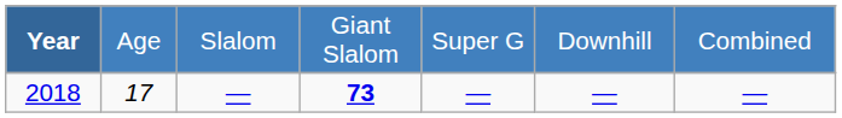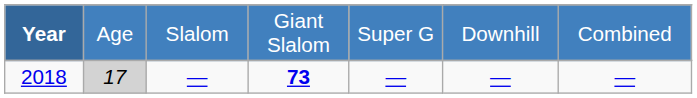 <table class="wikitable" style="font-size:95%; text-align:center; border:grey solid 1px; border-collapse:collapse;" width="40%">
 <tr style="background-color:#369; color:white;">
 <td rowspan="2" colspan="1" width="4%"><strong>Year</strong></td>
 </tr>
 <tr style="background-color:#4180be; color:white;">
 <td width="3%">Age</td>
 <td width="5%">Slalom</td>
 <td width="5%">Giant<br>Slalom</td>
 <td width="5%">Super G</td>
 <td width="5%">Downhill</td>
 <td width="5%">Combined</td>
 </tr>
 <tr style="background-color:#8CB2D8; color:white;">
 </tr>
 <tr>
 <td><a href='#'>2018</a></td>
-<td><em>17</em></td>
+<td style="background: lightgrey;"><em>17</em></td>
 <td><a href='#'>—</a></td>
 <td><strong><a href='#'>73</a></strong></td>
 <td><a href='#'>—</a></td>
 <td><a href='#'>—</a></td>
 <td><a href='#'>—</a></td>
 </tr>
 </table>
